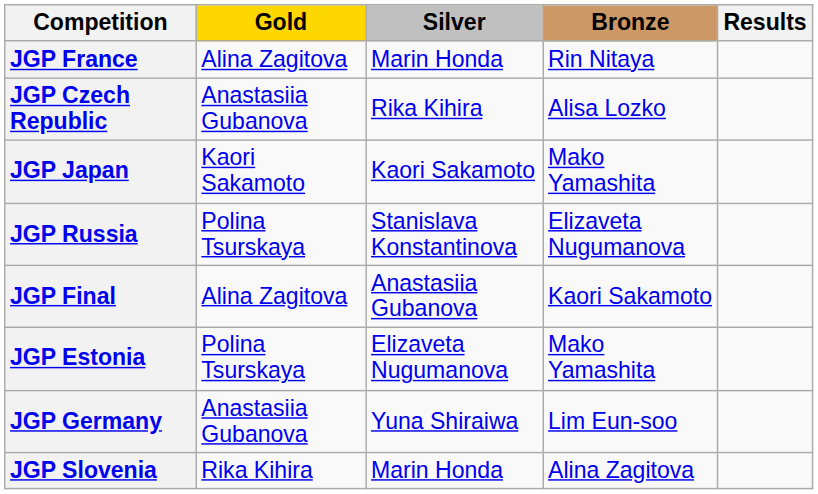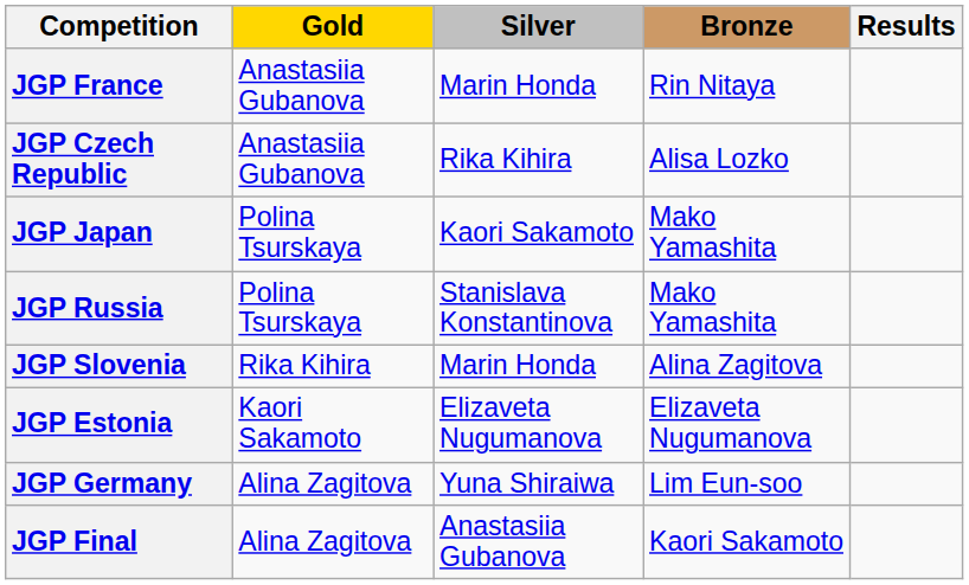 <table class="wikitable unsortable" style="text-align:left; width:90%">
 <tr>
 <th scope="col" style="text-align:center; width:25%;">Competition</th>
 <td scope="col" style="text-align:center; width:22.5%; background:gold"><strong>Gold</strong></td>
 <td scope="col" style="text-align:center; width:22.5%; background:silver"><strong>Silver</strong></td>
 <td scope="col" style="text-align:center; width:22.5%; background:#c96"><strong>Bronze</strong></td>
 <th scope="col" style="text-align:center; width:7.5%;">Results</th>
 </tr>
 <tr>
 <th scope="row" style="text-align:left"> <a href='#'>JGP France</a></th>
-<td> <a href='#'>Alina Zagitova</a></td>
+<td> <a href='#'>Anastasiia Gubanova</a></td>
 <td> <a href='#'>Marin Honda</a></td>
 <td> <a href='#'>Rin Nitaya</a></td>
 <td></td>
 </tr>
 <tr>
 <th scope="row" style="text-align:left"> <a href='#'>JGP Czech Republic</a></th>
 <td> <a href='#'>Anastasiia Gubanova</a></td>
 <td> <a href='#'>Rika Kihira</a></td>
 <td> <a href='#'>Alisa Lozko</a></td>
 <td></td>
 </tr>
 <tr>
 <th scope="row" style="text-align:left"> <a href='#'>JGP Japan</a></th>
-<td> <a href='#'>Kaori Sakamoto</a></td>
+<td> <a href='#'>Polina Tsurskaya</a></td>
 <td> <a href='#'>Kaori Sakamoto</a></td>
 <td> <a href='#'>Mako Yamashita</a></td>
 <td></td>
 </tr>
 <tr>
 <th scope="row" style="text-align:left"> <a href='#'>JGP Russia</a></th>
 <td> <a href='#'>Polina Tsurskaya</a></td>
 <td> <a href='#'>Stanislava Konstantinova</a></td>
+<td> <a href='#'>Mako Yamashita</a></td>
+<td></td>
+</tr>
+<tr>
+<th scope="row" style="text-align:left"> <a href='#'>JGP Slovenia</a></th>
+<td> <a href='#'>Rika Kihira</a></td>
+<td> <a href='#'>Marin Honda</a></td>
+<td> <a href='#'>Alina Zagitova</a></td>
+<td></td>
+</tr>
+<tr>
+<th scope="row" style="text-align:left"> <a href='#'>JGP Estonia</a></th>
+<td> <a href='#'>Kaori Sakamoto</a></td>
 <td> <a href='#'>Elizaveta Nugumanova</a></td>
+<td> <a href='#'>Elizaveta Nugumanova</a></td>
+<td></td>
+</tr>
+<tr>
+<th scope="row" style="text-align:left"> <a href='#'>JGP Germany</a></th>
+<td> <a href='#'>Alina Zagitova</a></td>
+<td> <a href='#'>Yuna Shiraiwa</a></td>
+<td> <a href='#'>Lim Eun-soo</a></td>
 <td></td>
 </tr>
 <tr>
 <th scope="row" style="text-align:left"> <a href='#'>JGP Final</a></th>
 <td> <a href='#'>Alina Zagitova</a></td>
 <td> <a href='#'>Anastasiia Gubanova</a></td>
 <td> <a href='#'>Kaori Sakamoto</a></td>
 <td></td>
 </tr>
-<tr>
-<th scope="row" style="text-align:left"> <a href='#'>JGP Estonia</a></th>
-<td> <a href='#'>Polina Tsurskaya</a></td>
-<td> <a href='#'>Elizaveta Nugumanova</a></td>
-<td> <a href='#'>Mako Yamashita</a></td>
-<td></td>
-</tr>
-<tr>
-<th scope="row" style="text-align:left"> <a href='#'>JGP Germany</a></th>
-<td> <a href='#'>Anastasiia Gubanova</a></td>
-<td> <a href='#'>Yuna Shiraiwa</a></td>
-<td> <a href='#'>Lim Eun-soo</a></td>
-<td></td>
-</tr>
-<tr>
-<th scope="row" style="text-align:left"> <a href='#'>JGP Slovenia</a></th>
-<td> <a href='#'>Rika Kihira</a></td>
-<td> <a href='#'>Marin Honda</a></td>
-<td> <a href='#'>Alina Zagitova</a></td>
-<td></td>
-</tr>
 </table>
